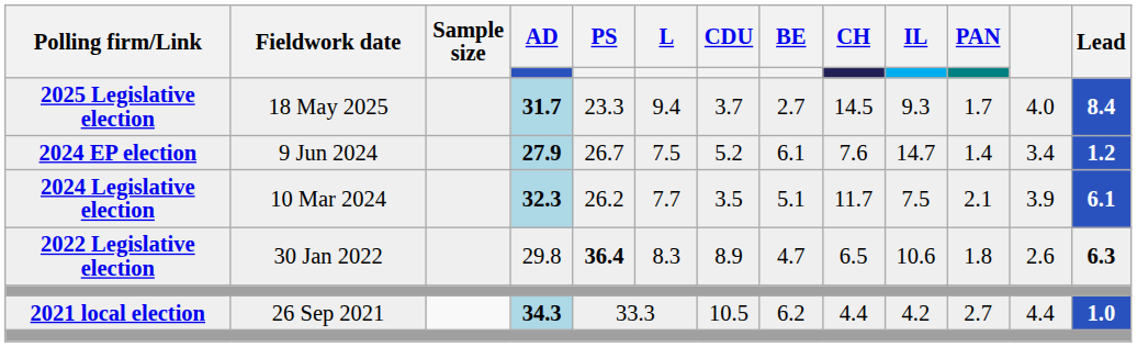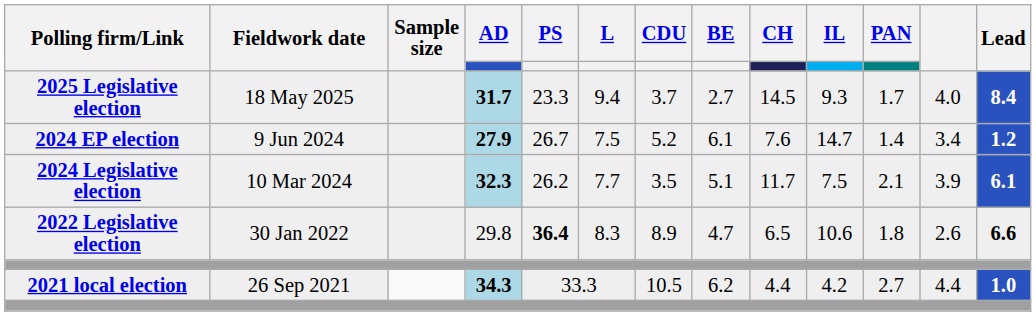 <table class="wikitable sortable mw-datatable" style="text-align:center;font-size:95%;line-height:16px;">
 <tr style="height:42px;">
 <th style="width:145px;" rowspan="2">Polling firm/Link</th>
 <th style="width:125px;" rowspan="2">Fieldwork date</th>
 <th class="unsortable" style="width:50px;" rowspan="2">Sample size</th>
 <th class="unsortable" style="width:35px;"><a href='#'>AD</a></th>
 <th class="unsortable" style="width:35px;"><a href='#'>PS</a></th>
 <th class="unsortable" style="width:35px;"><a href='#'>L</a></th>
 <th class="unsortable" style="width:35px;"><a href='#'>CDU</a></th>
 <th class="unsortable" style="width:35px;"><a href='#'>BE</a></th>
 <th class="unsortable" style="width:35px;"><a href='#'>CH</a></th>
 <th class="unsortable" style="width:35px;"><a href='#'>IL</a></th>
 <th class="unsortable" style="width:35px;"><a href='#'>PAN</a></th>
 <th class="unsortable" style="width:35px;" rowspan="2"></th>
 <th class="unsortable" style="width:30px;" rowspan="2">Lead</th>
 </tr>
 <tr>
 <th class="unsortable" style="color:inherit;background:#2A52BE;"></th>
 <th class="unsortable" style="color:inherit;background:"></th>
 <th class="unsortable" style="color:inherit;background:"></th>
 <th class="unsortable" style="color:inherit;background:"></th>
 <th class="unsortable" style="color:inherit;background:"></th>
 <th class="sortable" style="background:#202056;"></th>
 <th class="sortable" style="background:#00ADEF;"></th>
 <th class="sortable" style="background:teal;"></th>
 </tr>
 <tr style="background:#EFEFEF;">
 <td><strong><a href='#'>2025 Legislative election</a></strong></td>
 <td>18 May 2025</td>
 <td></td>
 <td style="background:lightblue;"><strong>31.7</strong><br></td>
 <td>23.3<br></td>
 <td>9.4<br></td>
 <td>3.7<br></td>
 <td>2.7<br></td>
 <td>14.5<br></td>
 <td>9.3<br></td>
 <td>1.7<br></td>
 <td>4.0<br></td>
 <td style="background:#2A52BE; color:white;"><strong>8.4</strong></td>
 </tr>
 <tr style="background:#EFEFEF;">
 <td><strong><a href='#'>2024 EP election</a></strong></td>
 <td>9 Jun 2024</td>
 <td></td>
 <td style="background:lightblue;"><strong>27.9</strong><br></td>
 <td>26.7<br></td>
 <td>7.5<br></td>
 <td>5.2<br></td>
 <td>6.1<br></td>
 <td>7.6<br></td>
 <td>14.7<br></td>
 <td>1.4<br></td>
 <td>3.4<br></td>
 <td style="background:#2A52BE; color:white;"><strong>1.2</strong></td>
 </tr>
 <tr style="background:#EFEFEF;">
 <td><strong><a href='#'>2024 Legislative election</a></strong></td>
 <td>10 Mar 2024</td>
 <td></td>
 <td style="background:lightblue;"><strong>32.3</strong><br></td>
 <td>26.2<br></td>
 <td>7.7<br></td>
 <td>3.5<br></td>
 <td>5.1<br></td>
 <td>11.7<br></td>
 <td>7.5<br></td>
 <td>2.1<br></td>
 <td>3.9<br></td>
 <td style="background:#2A52BE; color:white;"><strong>6.1</strong></td>
 </tr>
 <tr style="background:#EFEFEF;">
 <td><strong><a href='#'>2022 Legislative election</a></strong></td>
 <td>30 Jan 2022</td>
 <td></td>
 <td>29.8<br></td>
 <td align="center" ><strong>36.4</strong><br></td>
 <td>8.3<br></td>
 <td>8.9<br></td>
 <td>4.7<br></td>
 <td>6.5<br></td>
 <td>10.6<br></td>
 <td>1.8<br></td>
 <td>2.6<br></td>
-<td style="background:"><strong>6.3</strong></td>
+<td style="background:"><strong>6.6</strong></td>
 </tr>
 <tr>
 <td colspan="13" style="background:#A0A0A0"></td>
 </tr>
 <tr>
 <td style="background:#EFEFEF;"><strong><a href='#'>2021 local election</a></strong></td>
 <td style="background:#EFEFEF;" data-sort-value="2019-10-06">26 Sep 2021</td>
 <td></td>
 <td style="background:lightblue;"><strong>34.3</strong><br></td>
 <td colspan="2" style="background:#EFEFEF;">33.3<br></td>
 <td style="background:#EFEFEF;">10.5<br></td>
 <td style="background:#EFEFEF;">6.2<br></td>
 <td style="background:#EFEFEF;">4.4<br></td>
 <td style="background:#EFEFEF;">4.2<br></td>
 <td style="background:#EFEFEF;">2.7<br></td>
 <td style="background:#EFEFEF;">4.4<br></td>
 <td style="background:#2A52BE; color:white;"><strong>1.0</strong></td>
 </tr>
 <tr>
 <td colspan="13" style="background:#A0A0A0"></td>
 </tr>
 </table>
